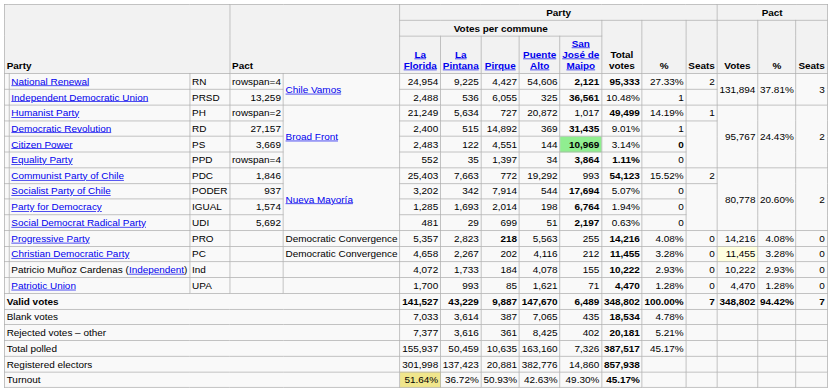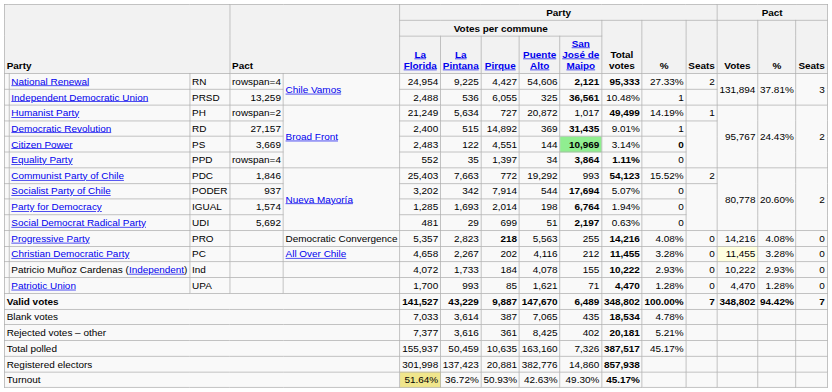 <table class="wikitable" border="1" style="font-size:90%; text-align:right; white-space: nowrap;">
 <tr>
 <th style="text-align:left;" valign=bottom rowspan=3 colspan=3>Party</th>
 <th style="text-align:left;" valign=bottom rowspan=3 colspan=2>Pact</th>
 <th colspan=8>Party</th>
 <th colspan=3>Pact</th>
 </tr>
 <tr>
 <th colspan=5>Votes per commune</th>
 <th align=center valign=bottom rowspan=2 width="40">Total<br>votes</th>
 <th align=center valign=bottom rowspan=2 width="40">%</th>
 <th align=center valign=bottom rowspan=2>Seats</th>
 <th align=center valign=bottom rowspan=2 width="40">Votes</th>
 <th align=center valign=bottom rowspan=2 width="40">%</th>
 <th align=center valign=bottom rowspan=2>Seats</th>
 </tr>
 <tr>
 <th align=center valign=bottom width="40"><a href='#'>La<br>Florida</a></th>
 <th align=center valign=bottom width="40"><a href='#'>La<br>Pintana</a></th>
 <th align=center valign=bottom width="40"><a href='#'>Pirque</a></th>
 <th align=center valign=bottom width="40"><a href='#'>Puente<br>Alto</a></th>
 <th align=center valign=bottom width="40"><a href='#'>San<br>José de<br>Maipo</a></th>
 </tr>
 <tr>
 <td></td>
 <td align=left><a href='#'>National Renewal</a></td>
 <td align=left>RN</td>
 <td>rowspan=4 </td>
 <td rowspan=2 align=left><a href='#'>Chile Vamos</a></td>
 <td>24,954</td>
 <td>9,225</td>
 <td>4,427</td>
 <td>54,606</td>
 <td><strong>2,121</strong></td>
 <td><strong>95,333</strong></td>
 <td>27.33%</td>
 <td>2</td>
 <td rowspan=2>131,894</td>
 <td rowspan=2>37.81%</td>
 <td rowspan=2>3</td>
 </tr>
 <tr>
 <td></td>
 <td align=left><a href='#'>Independent Democratic Union</a></td>
 <td align=left>PRSD</td>
 <td>13,259</td>
 <td>2,488</td>
 <td>536</td>
 <td>6,055</td>
 <td>325</td>
 <td><strong>36,561</strong></td>
 <td>10.48%</td>
 <td>1</td>
 </tr>
 <tr>
 <td></td>
 <td align=left><a href='#'>Humanist Party</a></td>
 <td align=left>PH</td>
 <td>rowspan=2 </td>
 <td rowspan=4 align=left><a href='#'>Broad Front</a></td>
 <td>21,249</td>
 <td>5,634</td>
 <td>727</td>
 <td>20,872</td>
 <td>1,017</td>
 <td><strong>49,499</strong></td>
 <td>14.19%</td>
 <td>1</td>
 <td rowspan=4>95,767</td>
 <td rowspan=4>24.43%</td>
 <td rowspan=4>2</td>
 </tr>
 <tr>
 <td></td>
 <td align=left><a href='#'>Democratic Revolution</a></td>
 <td align=left>RD</td>
 <td>27,157</td>
 <td>2,400</td>
 <td>515</td>
 <td>14,892</td>
 <td>369</td>
 <td><strong>31,435</strong></td>
 <td>9.01%</td>
 <td>1</td>
 </tr>
 <tr>
 <td></td>
 <td align=left><a href='#'>Citizen Power</a></td>
 <td align=left>PS</td>
 <td>3,669</td>
 <td>2,483</td>
 <td>122</td>
 <td>4,551</td>
 <td>144</td>
 <td style="background: lightgreen;"><strong>10,969</strong></td>
 <td>3.14%</td>
 <td><strong>0</strong></td>
 </tr>
 <tr>
 <td></td>
 <td align=left><a href='#'>Equality Party</a></td>
 <td align=left>PPD</td>
 <td>rowspan=4 </td>
 <td>552</td>
 <td>35</td>
 <td>1,397</td>
 <td>34</td>
 <td><strong>3,864</strong></td>
 <td><strong>1.11%</strong></td>
 <td>0</td>
 </tr>
 <tr>
 <td></td>
 <td align=left><a href='#'>Communist Party of Chile</a></td>
 <td align=left>PDC</td>
 <td>1,846</td>
 <td rowspan=4 align=left><a href='#'>Nueva Mayoría</a></td>
 <td>25,403</td>
 <td>7,663</td>
 <td>772</td>
 <td>19,292</td>
 <td>993</td>
 <td><strong>54,123</strong></td>
 <td>15.52%</td>
 <td>2</td>
 <td rowspan=4>80,778</td>
 <td rowspan=4>20.60%</td>
 <td rowspan=4>2</td>
 </tr>
 <tr>
 <td></td>
 <td align=left><a href='#'>Socialist Party of Chile</a></td>
 <td align=left>PODER</td>
 <td>937</td>
 <td>3,202</td>
 <td>342</td>
 <td>7,914</td>
 <td>544</td>
 <td><strong>17,694</strong></td>
 <td>5.07%</td>
 <td>0</td>
 </tr>
 <tr>
 <td></td>
 <td align=left><a href='#'>Party for Democracy</a></td>
 <td align=left>IGUAL</td>
 <td>1,574</td>
 <td>1,285</td>
 <td>1,693</td>
 <td>2,014</td>
 <td>198</td>
 <td><strong>6,764</strong></td>
 <td>1.94%</td>
 <td>0</td>
 </tr>
 <tr>
 <td></td>
 <td align=left><a href='#'>Social Democrat Radical Party</a></td>
 <td align=left>UDI</td>
 <td>5,692</td>
 <td>481</td>
 <td>29</td>
 <td>699</td>
 <td>51</td>
 <td><strong>2,197</strong></td>
 <td>0.63%</td>
 <td>0</td>
 </tr>
 <tr>
 <td></td>
 <td align=left><a href='#'>Progressive Party</a></td>
 <td align=left>PRO</td>
 <td></td>
 <td align=left>Democratic Convergence</td>
 <td>5,357</td>
 <td>2,823</td>
 <td><strong>218</strong></td>
 <td>5,563</td>
 <td>255</td>
 <td><strong>14,216</strong></td>
 <td>4.08%</td>
 <td>0</td>
 <td>14,216</td>
 <td>4.08%</td>
 <td>0</td>
 </tr>
 <tr>
 <td></td>
 <td align=left><a href='#'>Christian Democratic Party</a></td>
 <td align=left>PC</td>
 <td></td>
-<td align=left>Democratic Convergence</td>
+<td align=left><a href='#'>All Over Chile</a></td>
 <td>4,658</td>
 <td>2,267</td>
 <td>202</td>
 <td>4,116</td>
 <td>212</td>
 <td><strong>11,455</strong></td>
 <td>3.28%</td>
 <td>0</td>
 <td style="background: lightyellow;">11,455</td>
 <td>3.28%</td>
 <td>0</td>
 </tr>
 <tr>
 <td></td>
 <td align=left>Patricio Muñoz Cardenas (<a href='#'>Independent</a>)</td>
 <td align=left>Ind</td>
 <td></td>
 <td></td>
 <td>4,072</td>
 <td>1,733</td>
 <td>184</td>
 <td>4,078</td>
 <td>155</td>
 <td><strong>10,222</strong></td>
 <td>2.93%</td>
 <td>0</td>
 <td>10,222</td>
 <td>2.93%</td>
 <td>0</td>
 </tr>
 <tr>
 <td></td>
 <td align=left><a href='#'>Patriotic Union</a></td>
 <td align=left>UPA</td>
 <td></td>
 <td></td>
 <td>1,700</td>
 <td>993</td>
 <td>85</td>
 <td>1,621</td>
 <td>71</td>
 <td><strong>4,470</strong></td>
 <td>1.28%</td>
 <td>0</td>
 <td>4,470</td>
 <td>1.28%</td>
 <td>0</td>
 </tr>
 <tr style="font-weight:bold">
 <td align=left colspan=5>Valid votes</td>
 <td>141,527</td>
 <td>43,229</td>
 <td>9,887</td>
 <td>147,670</td>
 <td>6,489</td>
 <td>348,802</td>
 <td>100.00%</td>
 <td>7</td>
 <td>348,802</td>
 <td>94.42%</td>
 <td>7</td>
 </tr>
 <tr>
 <td align=left colspan=5>Blank votes</td>
 <td>7,033</td>
 <td>3,614</td>
 <td>387</td>
 <td>7,065</td>
 <td>435</td>
 <td><strong>18,534</strong></td>
 <td>4.78%</td>
 <td></td>
 <td></td>
 <td></td>
 <td></td>
 </tr>
 <tr>
 <td align=left colspan=5>Rejected votes – other</td>
 <td>7,377</td>
 <td>3,616</td>
 <td>361</td>
 <td>8,425</td>
 <td>402</td>
 <td><strong>20,181</strong></td>
 <td>5.21%</td>
 <td></td>
 <td></td>
 <td></td>
 <td></td>
 </tr>
 <tr>
 <td align=left colspan=5>Total polled</td>
 <td>155,937</td>
 <td>50,459</td>
 <td>10,635</td>
 <td>163,160</td>
 <td>7,326</td>
 <td><strong>387,517</strong></td>
 <td>45.17%</td>
 <td></td>
 <td></td>
 <td></td>
 <td></td>
 </tr>
 <tr>
 <td align=left colspan=5>Registered electors</td>
 <td>301,998</td>
 <td>137,423</td>
 <td>20,881</td>
 <td>382,776</td>
 <td>14,860</td>
 <td><strong>857,938</strong></td>
 <td></td>
 <td></td>
 <td></td>
 <td></td>
 <td></td>
 </tr>
 <tr>
 <td align=left colspan=5>Turnout</td>
 <td style="background: khaki;">51.64%</td>
 <td>36.72%</td>
 <td>50.93%</td>
 <td>42.63%</td>
 <td>49.30%</td>
 <td><strong>45.17%</strong></td>
 <td></td>
 <td></td>
 <td></td>
 <td></td>
 <td></td>
 </tr>
 </table>
